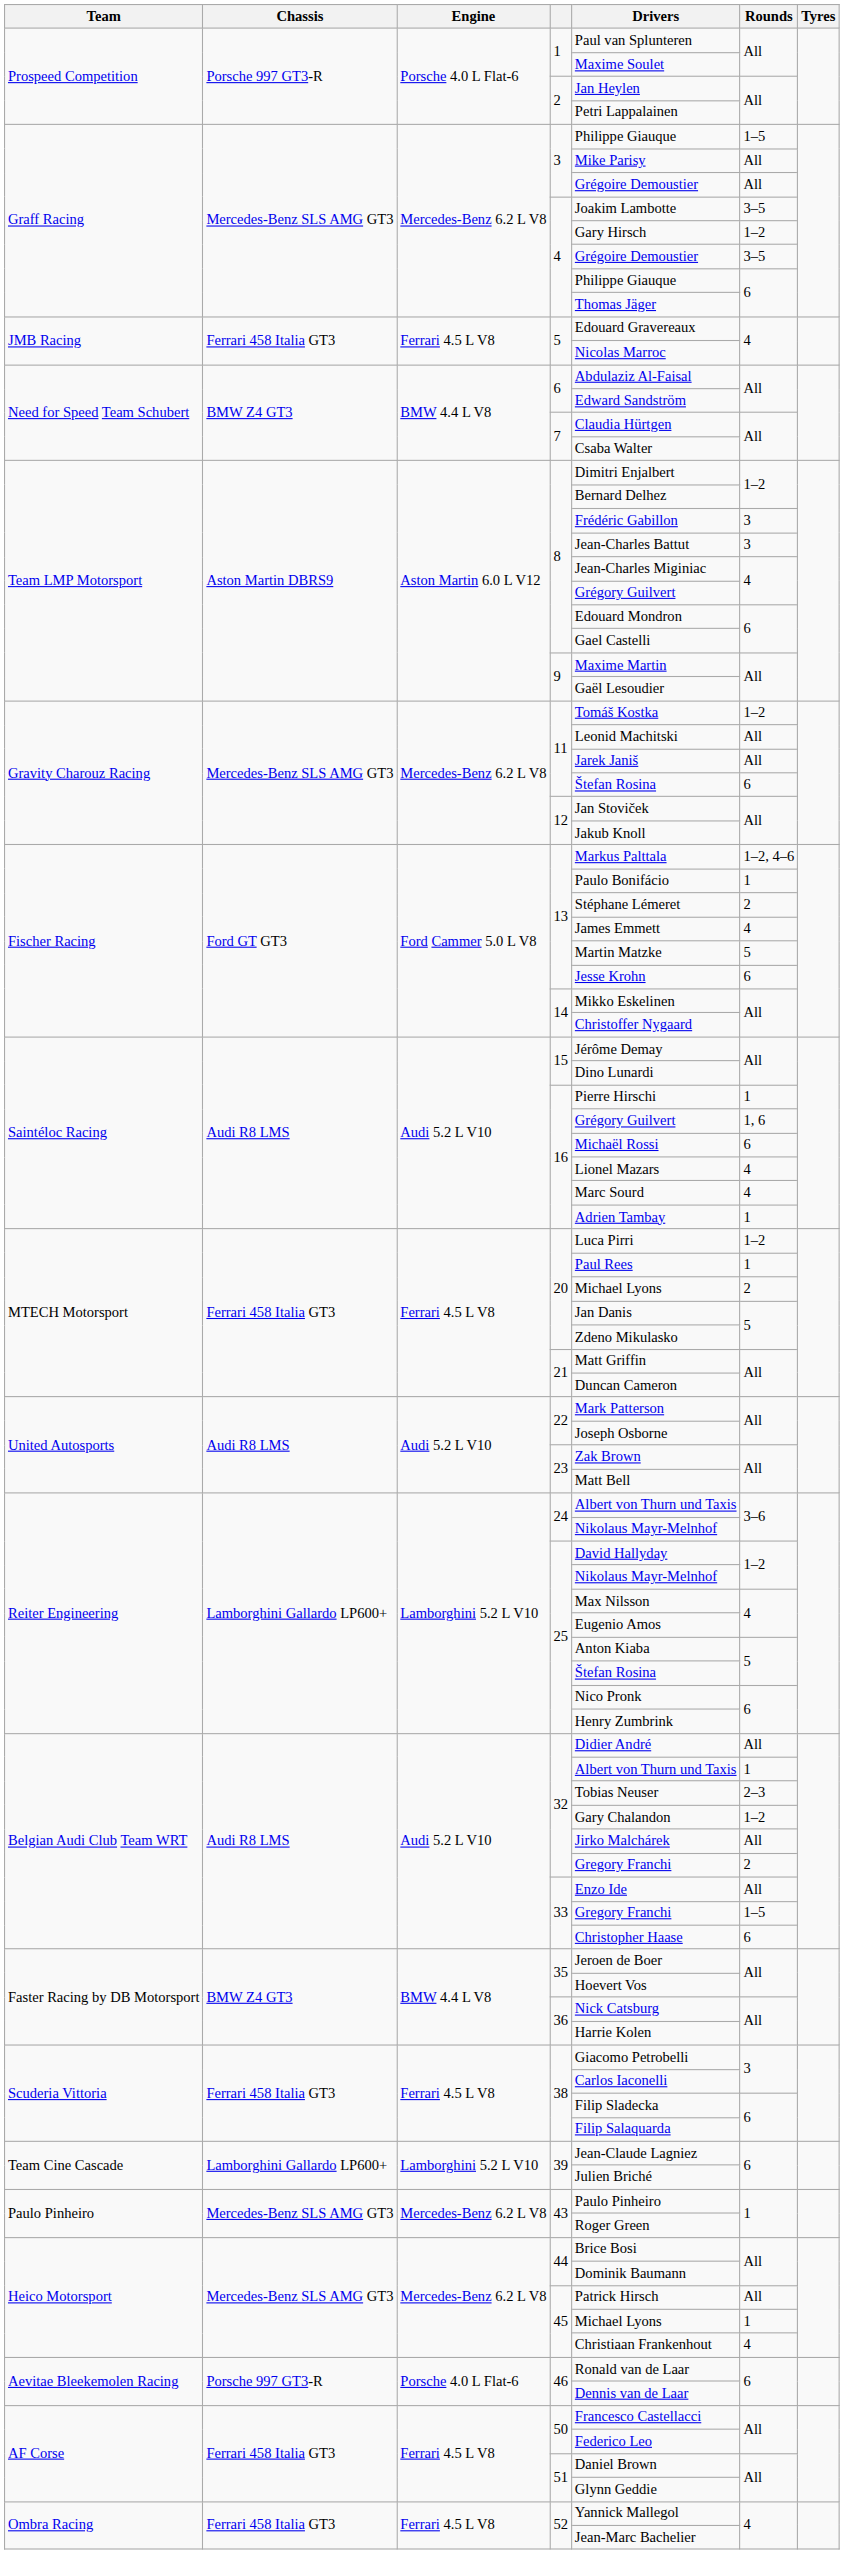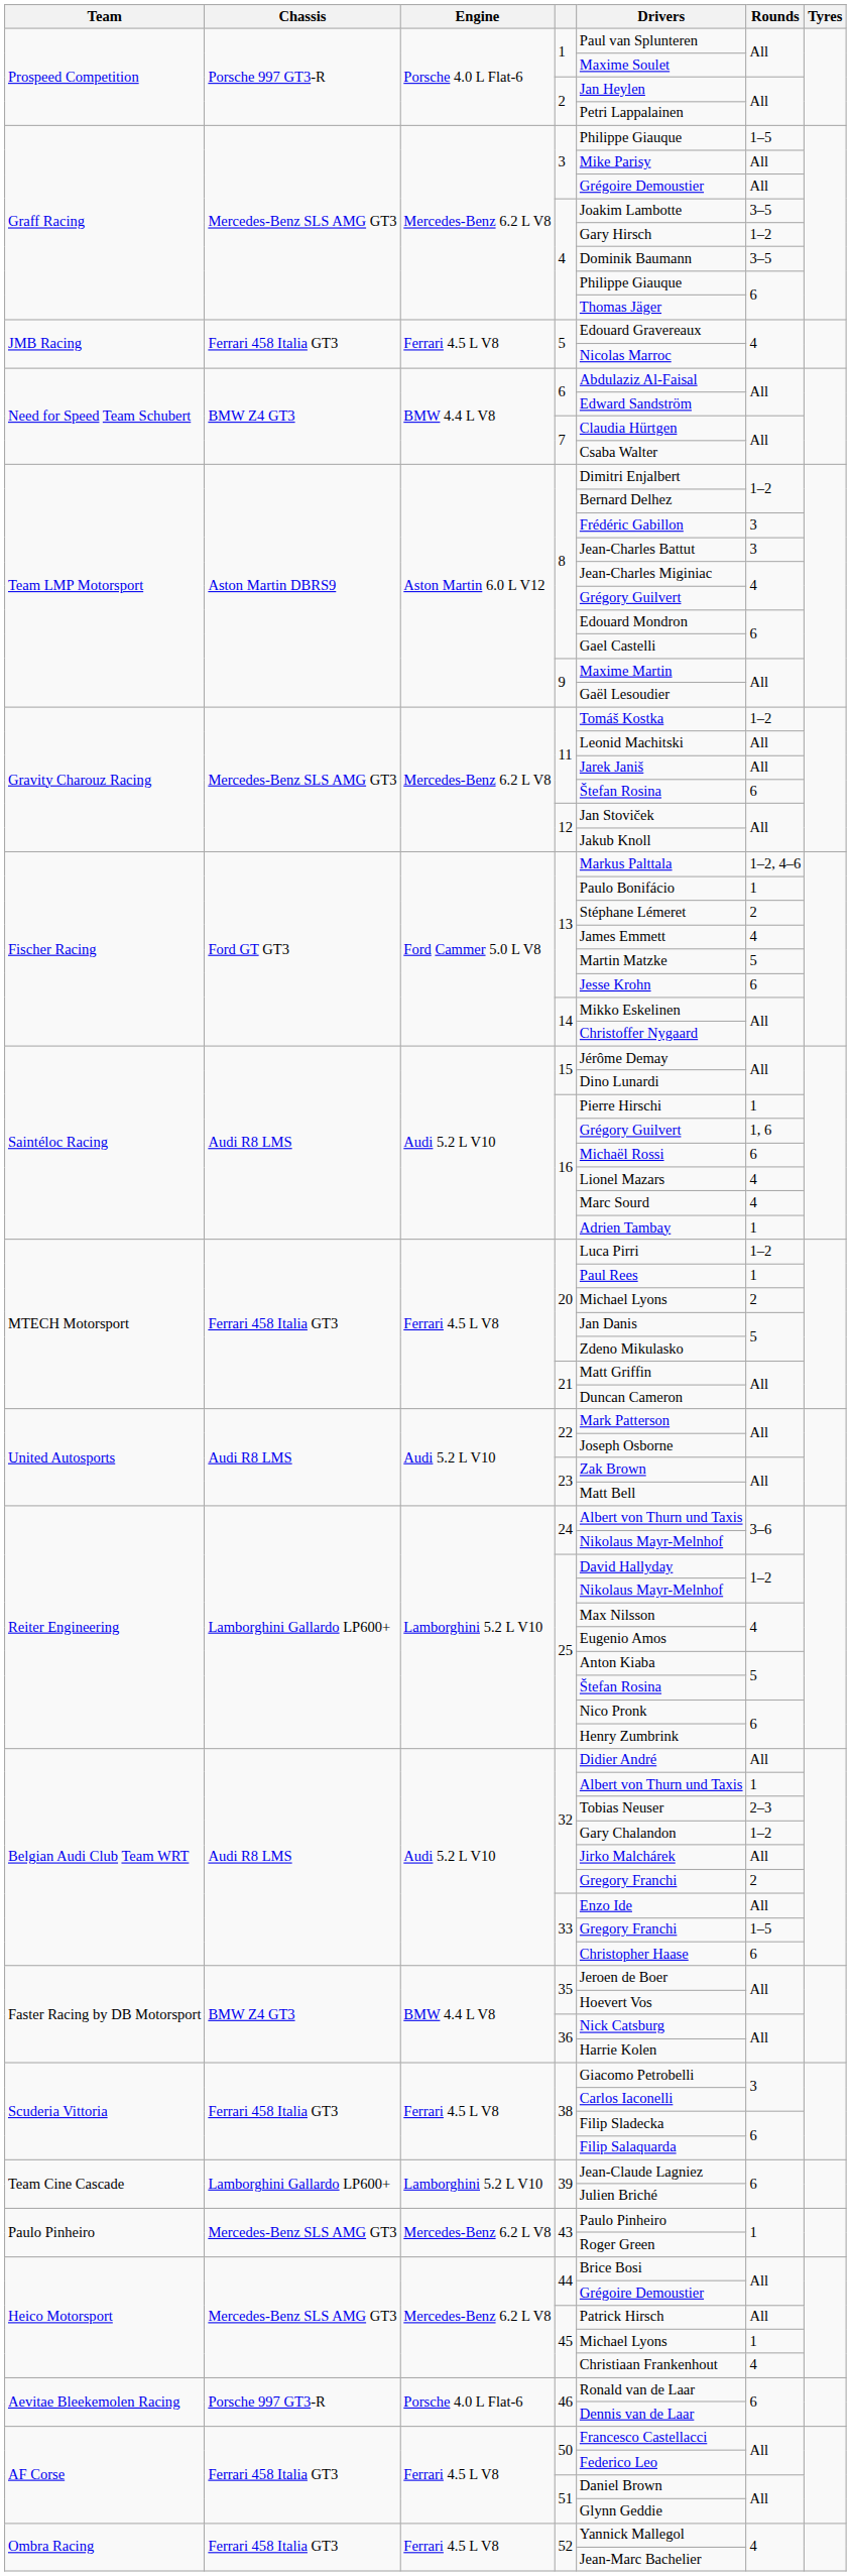 <table class="wikitable" style="font-size: 85%;">
 <tr>
 <th>Team</th>
 <th>Chassis</th>
 <th>Engine</th>
 <th></th>
 <th>Drivers</th>
 <th>Rounds</th>
 <th>Tyres</th>
 </tr>
 <tr>
 <td rowspan=4> <a href='#'>Prospeed Competition</a></td>
 <td rowspan=4><a href='#'>Porsche 997 GT3</a>-R</td>
 <td rowspan=4><a href='#'>Porsche</a> 4.0 L Flat-6</td>
 <td rowspan=2>1</td>
 <td> Paul van Splunteren</td>
 <td rowspan=2>All</td>
 <td rowspan=4 align=center></td>
 </tr>
 <tr>
 <td> <a href='#'>Maxime Soulet</a></td>
 </tr>
 <tr>
 <td rowspan=2>2</td>
 <td> <a href='#'>Jan Heylen</a></td>
 <td rowspan=2>All</td>
 </tr>
 <tr>
 <td> Petri Lappalainen</td>
 </tr>
 <tr>
 <td rowspan=8> <a href='#'>Graff Racing</a></td>
 <td rowspan=8><a href='#'>Mercedes-Benz SLS AMG</a> GT3</td>
 <td rowspan=8><a href='#'>Mercedes-Benz</a> 6.2 L V8</td>
 <td rowspan=3>3</td>
 <td> Philippe Giauque</td>
 <td>1–5</td>
 <td rowspan=8 align=center></td>
 </tr>
 <tr>
 <td> <a href='#'>Mike Parisy</a></td>
 <td>All</td>
 </tr>
 <tr>
 <td> <a href='#'>Grégoire Demoustier</a></td>
 <td>All</td>
 </tr>
 <tr>
 <td rowspan=5>4</td>
 <td> Joakim Lambotte</td>
 <td>3–5</td>
 </tr>
 <tr>
 <td> Gary Hirsch</td>
 <td>1–2</td>
 </tr>
 <tr>
-<td> <a href='#'>Grégoire Demoustier</a></td>
+<td> Dominik Baumann</td>
 <td>3–5</td>
 </tr>
 <tr>
 <td> Philippe Giauque</td>
 <td rowspan=2>6</td>
 </tr>
 <tr>
 <td> <a href='#'>Thomas Jäger</a></td>
 </tr>
 <tr>
 <td rowspan=2> <a href='#'>JMB Racing</a></td>
 <td rowspan=2><a href='#'>Ferrari 458 Italia</a> GT3</td>
 <td rowspan=2><a href='#'>Ferrari</a> 4.5 L V8</td>
 <td rowspan=2>5</td>
 <td> Edouard Gravereaux</td>
 <td rowspan=2>4</td>
 <td rowspan=2 align=center></td>
 </tr>
 <tr>
 <td> <a href='#'>Nicolas Marroc</a></td>
 </tr>
 <tr>
 <td rowspan=4> <a href='#'>Need for Speed</a> <a href='#'>Team Schubert</a></td>
 <td rowspan=4><a href='#'>BMW Z4 GT3</a></td>
 <td rowspan=4><a href='#'>BMW</a> 4.4 L V8</td>
 <td rowspan=2>6</td>
 <td> <a href='#'>Abdulaziz Al-Faisal</a></td>
 <td rowspan=2>All</td>
 <td rowspan=4 align=center><br></td>
 </tr>
 <tr>
 <td> <a href='#'>Edward Sandström</a></td>
 </tr>
 <tr>
 <td rowspan=2>7</td>
 <td> <a href='#'>Claudia Hürtgen</a></td>
 <td rowspan=2>All</td>
 </tr>
 <tr>
 <td> Csaba Walter</td>
 </tr>
 <tr>
 <td rowspan=10> <a href='#'>Team LMP Motorsport</a></td>
 <td rowspan=10><a href='#'>Aston Martin DBRS9</a></td>
 <td rowspan=10><a href='#'>Aston Martin</a> 6.0 L V12</td>
 <td rowspan=8>8</td>
 <td> Dimitri Enjalbert</td>
 <td rowspan=2>1–2</td>
 <td rowspan=10 align=center></td>
 </tr>
 <tr>
 <td> Bernard Delhez</td>
 </tr>
 <tr>
 <td> <a href='#'>Frédéric Gabillon</a></td>
 <td>3</td>
 </tr>
 <tr>
 <td> Jean-Charles Battut</td>
 <td>3</td>
 </tr>
 <tr>
 <td> Jean-Charles Miginiac</td>
 <td rowspan=2>4</td>
 </tr>
 <tr>
 <td> <a href='#'>Grégory Guilvert</a></td>
 </tr>
 <tr>
 <td> Edouard Mondron</td>
 <td rowspan=2>6</td>
 </tr>
 <tr>
 <td> Gael Castelli</td>
 </tr>
 <tr>
 <td rowspan=2>9</td>
 <td> <a href='#'>Maxime Martin</a></td>
 <td rowspan=2>All</td>
 </tr>
 <tr>
 <td> Gaël Lesoudier</td>
 </tr>
 <tr>
 <td rowspan=6> <a href='#'>Gravity Charouz Racing</a></td>
 <td rowspan=6><a href='#'>Mercedes-Benz SLS AMG</a> GT3</td>
 <td rowspan=6><a href='#'>Mercedes-Benz</a> 6.2 L V8</td>
 <td rowspan=4>11</td>
 <td> <a href='#'>Tomáš Kostka</a></td>
 <td>1–2</td>
 <td rowspan=6 align=center></td>
 </tr>
 <tr>
 <td> Leonid Machitski</td>
 <td>All</td>
 </tr>
 <tr>
 <td> <a href='#'>Jarek Janiš</a></td>
 <td>All</td>
 </tr>
 <tr>
 <td> <a href='#'>Štefan Rosina</a></td>
 <td>6</td>
 </tr>
 <tr>
 <td rowspan=2>12</td>
 <td> Jan Stoviček</td>
 <td rowspan=2>All</td>
 </tr>
 <tr>
 <td> Jakub Knoll</td>
 </tr>
 <tr>
 <td rowspan=8> <a href='#'>Fischer Racing</a></td>
 <td rowspan=8><a href='#'>Ford GT</a> GT3</td>
 <td rowspan=8><a href='#'>Ford</a> <a href='#'>Cammer</a> 5.0 L V8</td>
 <td rowspan=6>13</td>
 <td> <a href='#'>Markus Palttala</a></td>
 <td>1–2, 4–6</td>
 <td rowspan=8 align=center></td>
 </tr>
 <tr>
 <td> Paulo Bonifácio</td>
 <td>1</td>
 </tr>
 <tr>
 <td> Stéphane Lémeret</td>
 <td>2</td>
 </tr>
 <tr>
 <td> James Emmett</td>
 <td>4</td>
 </tr>
 <tr>
 <td> Martin Matzke</td>
 <td>5</td>
 </tr>
 <tr>
 <td> <a href='#'>Jesse Krohn</a></td>
 <td>6</td>
 </tr>
 <tr>
 <td rowspan=2>14</td>
 <td> Mikko Eskelinen</td>
 <td rowspan=2>All</td>
 </tr>
 <tr>
 <td> <a href='#'>Christoffer Nygaard</a></td>
 </tr>
 <tr>
 <td rowspan=8> <a href='#'>Saintéloc Racing</a></td>
 <td rowspan=8><a href='#'>Audi R8 LMS</a></td>
 <td rowspan=8><a href='#'>Audi</a> 5.2 L V10</td>
 <td rowspan=2>15</td>
 <td> Jérôme Demay</td>
 <td rowspan=2>All</td>
 <td rowspan=8 align=center></td>
 </tr>
 <tr>
 <td> Dino Lunardi</td>
 </tr>
 <tr>
 <td rowspan=6>16</td>
 <td> Pierre Hirschi</td>
 <td>1</td>
 </tr>
 <tr>
 <td> <a href='#'>Grégory Guilvert</a></td>
 <td>1, 6</td>
 </tr>
 <tr>
 <td> <a href='#'>Michaël Rossi</a></td>
 <td>6</td>
 </tr>
 <tr>
 <td> Lionel Mazars</td>
 <td>4</td>
 </tr>
 <tr>
 <td> Marc Sourd</td>
 <td>4</td>
 </tr>
 <tr>
 <td> <a href='#'>Adrien Tambay</a></td>
 <td>1</td>
 </tr>
 <tr>
 <td rowspan=7> MTECH Motorsport</td>
 <td rowspan=7><a href='#'>Ferrari 458 Italia</a> GT3</td>
 <td rowspan=7><a href='#'>Ferrari</a> 4.5 L V8</td>
 <td rowspan=5>20</td>
 <td> Luca Pirri</td>
 <td>1–2</td>
 <td rowspan=7 align="center"></td>
 </tr>
 <tr>
 <td> <a href='#'>Paul Rees</a></td>
 <td>1</td>
 </tr>
 <tr>
 <td> Michael Lyons</td>
 <td>2</td>
 </tr>
 <tr>
 <td> Jan Danis</td>
 <td rowspan=2>5</td>
 </tr>
 <tr>
 <td> Zdeno Mikulasko</td>
 </tr>
 <tr>
 <td rowspan=2>21</td>
 <td> Matt Griffin</td>
 <td rowspan=2>All</td>
 </tr>
 <tr>
 <td> Duncan Cameron</td>
 </tr>
 <tr>
 <td rowspan=4> <a href='#'>United Autosports</a></td>
 <td rowspan=4><a href='#'>Audi R8 LMS</a></td>
 <td rowspan=4><a href='#'>Audi</a> 5.2 L V10</td>
 <td rowspan=2>22</td>
 <td> <a href='#'>Mark Patterson</a></td>
 <td rowspan=2>All</td>
 <td rowspan=4 align=center><br></td>
 </tr>
 <tr>
 <td> Joseph Osborne</td>
 </tr>
 <tr>
 <td rowspan=2>23</td>
 <td> <a href='#'>Zak Brown</a></td>
 <td rowspan=2>All</td>
 </tr>
 <tr>
 <td> Matt Bell</td>
 </tr>
 <tr>
 <td rowspan=10> <a href='#'>Reiter Engineering</a></td>
 <td rowspan=10><a href='#'>Lamborghini Gallardo</a> LP600+</td>
 <td rowspan=10><a href='#'>Lamborghini</a> 5.2 L V10</td>
 <td rowspan=2>24</td>
 <td> <a href='#'>Albert von Thurn und Taxis</a></td>
 <td rowspan=2>3–6</td>
 <td rowspan=10 align=center></td>
 </tr>
 <tr>
 <td> <a href='#'>Nikolaus Mayr-Melnhof</a></td>
 </tr>
 <tr>
 <td rowspan=8>25</td>
 <td> <a href='#'>David Hallyday</a></td>
 <td rowspan=2>1–2</td>
 </tr>
 <tr>
 <td> <a href='#'>Nikolaus Mayr-Melnhof</a></td>
 </tr>
 <tr>
 <td> Max Nilsson</td>
 <td rowspan=2>4</td>
 </tr>
 <tr>
 <td> Eugenio Amos</td>
 </tr>
 <tr>
 <td> Anton Kiaba</td>
 <td rowspan=2>5</td>
 </tr>
 <tr>
 <td> <a href='#'>Štefan Rosina</a></td>
 </tr>
 <tr>
 <td> Nico Pronk</td>
 <td rowspan=2>6</td>
 </tr>
 <tr>
 <td> Henry Zumbrink</td>
 </tr>
 <tr>
 <td rowspan=9> <a href='#'>Belgian Audi Club</a> <a href='#'>Team WRT</a></td>
 <td rowspan=9><a href='#'>Audi R8 LMS</a></td>
 <td rowspan=9><a href='#'>Audi</a> 5.2 L V10</td>
 <td rowspan=6>32</td>
 <td> <a href='#'>Didier André</a></td>
 <td>All</td>
 <td rowspan=9 align=center></td>
 </tr>
 <tr>
 <td> <a href='#'>Albert von Thurn und Taxis</a></td>
 <td>1</td>
 </tr>
 <tr>
 <td> Tobias Neuser</td>
 <td>2–3</td>
 </tr>
 <tr>
 <td> Gary Chalandon</td>
 <td>1–2</td>
 </tr>
 <tr>
 <td> <a href='#'>Jirko Malchárek</a></td>
 <td>All</td>
 </tr>
 <tr>
 <td> <a href='#'>Gregory Franchi</a></td>
 <td>2</td>
 </tr>
 <tr>
 <td rowspan=3>33</td>
 <td> <a href='#'>Enzo Ide</a></td>
 <td>All</td>
 </tr>
 <tr>
 <td> <a href='#'>Gregory Franchi</a></td>
 <td>1–5</td>
 </tr>
 <tr>
 <td> <a href='#'>Christopher Haase</a></td>
 <td>6</td>
 </tr>
 <tr>
 <td rowspan=4> Faster Racing by DB Motorsport</td>
 <td rowspan=4><a href='#'>BMW Z4 GT3</a></td>
 <td rowspan=4><a href='#'>BMW</a> 4.4 L V8</td>
 <td rowspan=2>35</td>
 <td> Jeroen de Boer</td>
 <td rowspan=2>All</td>
 <td rowspan=4 align=center></td>
 </tr>
 <tr>
 <td> Hoevert Vos</td>
 </tr>
 <tr>
 <td rowspan=2>36</td>
 <td> <a href='#'>Nick Catsburg</a></td>
 <td rowspan=2>All</td>
 </tr>
 <tr>
 <td> Harrie Kolen</td>
 </tr>
 <tr>
 <td rowspan=4> <a href='#'>Scuderia Vittoria</a></td>
 <td rowspan=4><a href='#'>Ferrari 458 Italia</a> GT3</td>
 <td rowspan=4><a href='#'>Ferrari</a> 4.5 L V8</td>
 <td rowspan=4>38</td>
 <td> Giacomo Petrobelli</td>
 <td rowspan=2>3</td>
 <td rowspan=4 align=center></td>
 </tr>
 <tr>
 <td> <a href='#'>Carlos Iaconelli</a></td>
 </tr>
 <tr>
 <td> Filip Sladecka</td>
 <td rowspan=2>6</td>
 </tr>
 <tr>
 <td> <a href='#'>Filip Salaquarda</a></td>
 </tr>
 <tr>
 <td rowspan=2> Team Cine Cascade</td>
 <td rowspan=2><a href='#'>Lamborghini Gallardo</a> LP600+</td>
 <td rowspan=2><a href='#'>Lamborghini</a> 5.2 L V10</td>
 <td rowspan=2>39</td>
 <td> Jean-Claude Lagniez</td>
 <td rowspan=2>6</td>
 <td rowspan=2 align=center></td>
 </tr>
 <tr>
 <td> Julien Briché</td>
 </tr>
 <tr>
 <td rowspan=2> Paulo Pinheiro</td>
 <td rowspan=2><a href='#'>Mercedes-Benz SLS AMG</a> GT3</td>
 <td rowspan=2><a href='#'>Mercedes-Benz</a> 6.2 L V8</td>
 <td rowspan=2>43</td>
 <td> Paulo Pinheiro</td>
 <td rowspan=2>1</td>
 <td rowspan=2 align=center></td>
 </tr>
 <tr>
 <td> Roger Green</td>
 </tr>
 <tr>
 <td rowspan=5> <a href='#'>Heico Motorsport</a></td>
 <td rowspan=5><a href='#'>Mercedes-Benz SLS AMG</a> GT3</td>
 <td rowspan=5><a href='#'>Mercedes-Benz</a> 6.2 L V8</td>
 <td rowspan=2>44</td>
 <td> Brice Bosi</td>
 <td rowspan=2>All</td>
 <td rowspan=5 align=center></td>
 </tr>
 <tr>
-<td> Dominik Baumann</td>
+<td> <a href='#'>Grégoire Demoustier</a></td>
 </tr>
 <tr>
 <td rowspan=3>45</td>
 <td> Patrick Hirsch</td>
 <td>All</td>
 </tr>
 <tr>
 <td> Michael Lyons</td>
 <td>1</td>
 </tr>
 <tr>
 <td> Christiaan Frankenhout</td>
 <td>4</td>
 </tr>
 <tr>
 <td rowspan=2> <a href='#'>Aevitae Bleekemolen Racing</a></td>
 <td rowspan=2><a href='#'>Porsche 997 GT3</a>-R</td>
 <td rowspan=2><a href='#'>Porsche</a> 4.0 L Flat-6</td>
 <td rowspan=2>46</td>
 <td> Ronald van de Laar</td>
 <td rowspan=2>6</td>
 <td rowspan=2 align=center></td>
 </tr>
 <tr>
 <td> <a href='#'>Dennis van de Laar</a></td>
 </tr>
 <tr>
 <td rowspan=4> <a href='#'>AF Corse</a></td>
 <td rowspan=4><a href='#'>Ferrari 458 Italia</a> GT3</td>
 <td rowspan=4><a href='#'>Ferrari</a> 4.5 L V8</td>
 <td rowspan=2>50</td>
 <td> <a href='#'>Francesco Castellacci</a></td>
 <td rowspan=2>All</td>
 <td rowspan=4 align=center></td>
 </tr>
 <tr>
 <td> <a href='#'>Federico Leo</a></td>
 </tr>
 <tr>
 <td rowspan=2>51</td>
 <td> Daniel Brown</td>
 <td rowspan=2>All</td>
 </tr>
 <tr>
 <td> Glynn Geddie</td>
 </tr>
 <tr>
 <td rowspan=2> <a href='#'>Ombra Racing</a></td>
 <td rowspan=2><a href='#'>Ferrari 458 Italia</a> GT3</td>
 <td rowspan=2><a href='#'>Ferrari</a> 4.5 L V8</td>
 <td rowspan=2>52</td>
 <td> Yannick Mallegol</td>
 <td rowspan=2>4</td>
 <td rowspan=2 align=center></td>
 </tr>
 <tr>
 <td> Jean-Marc Bachelier</td>
 </tr>
 </table>
